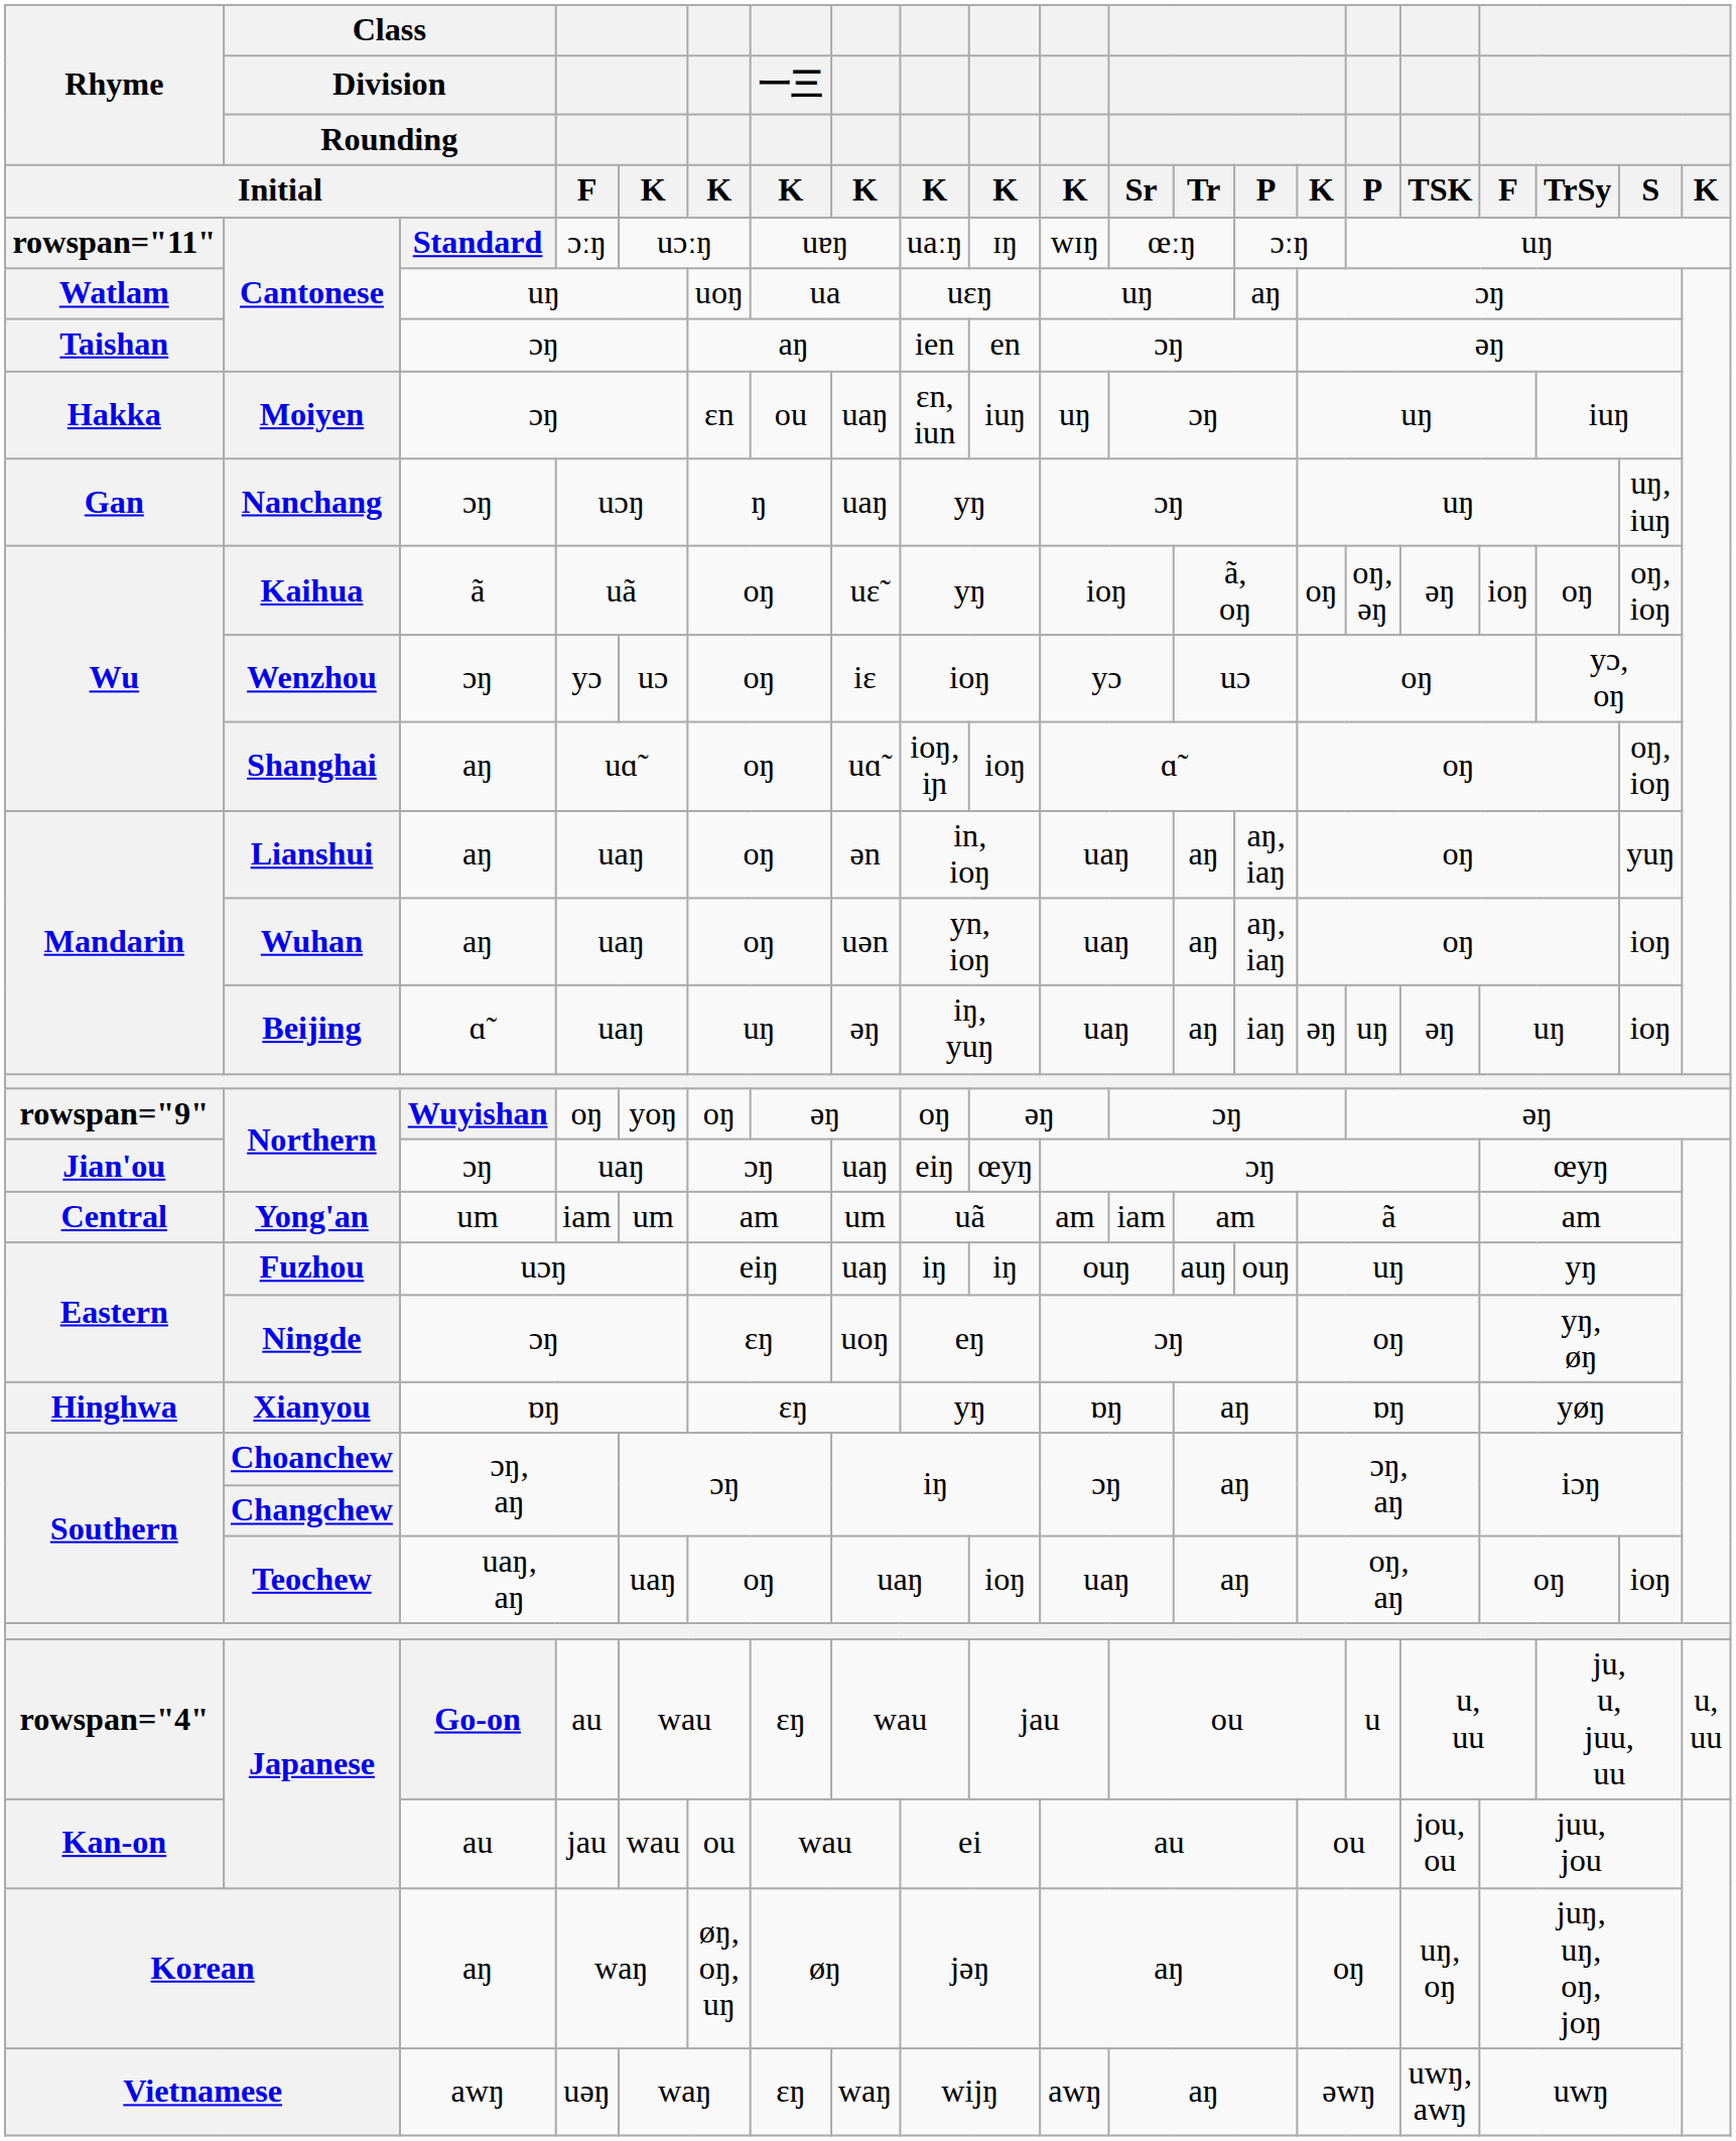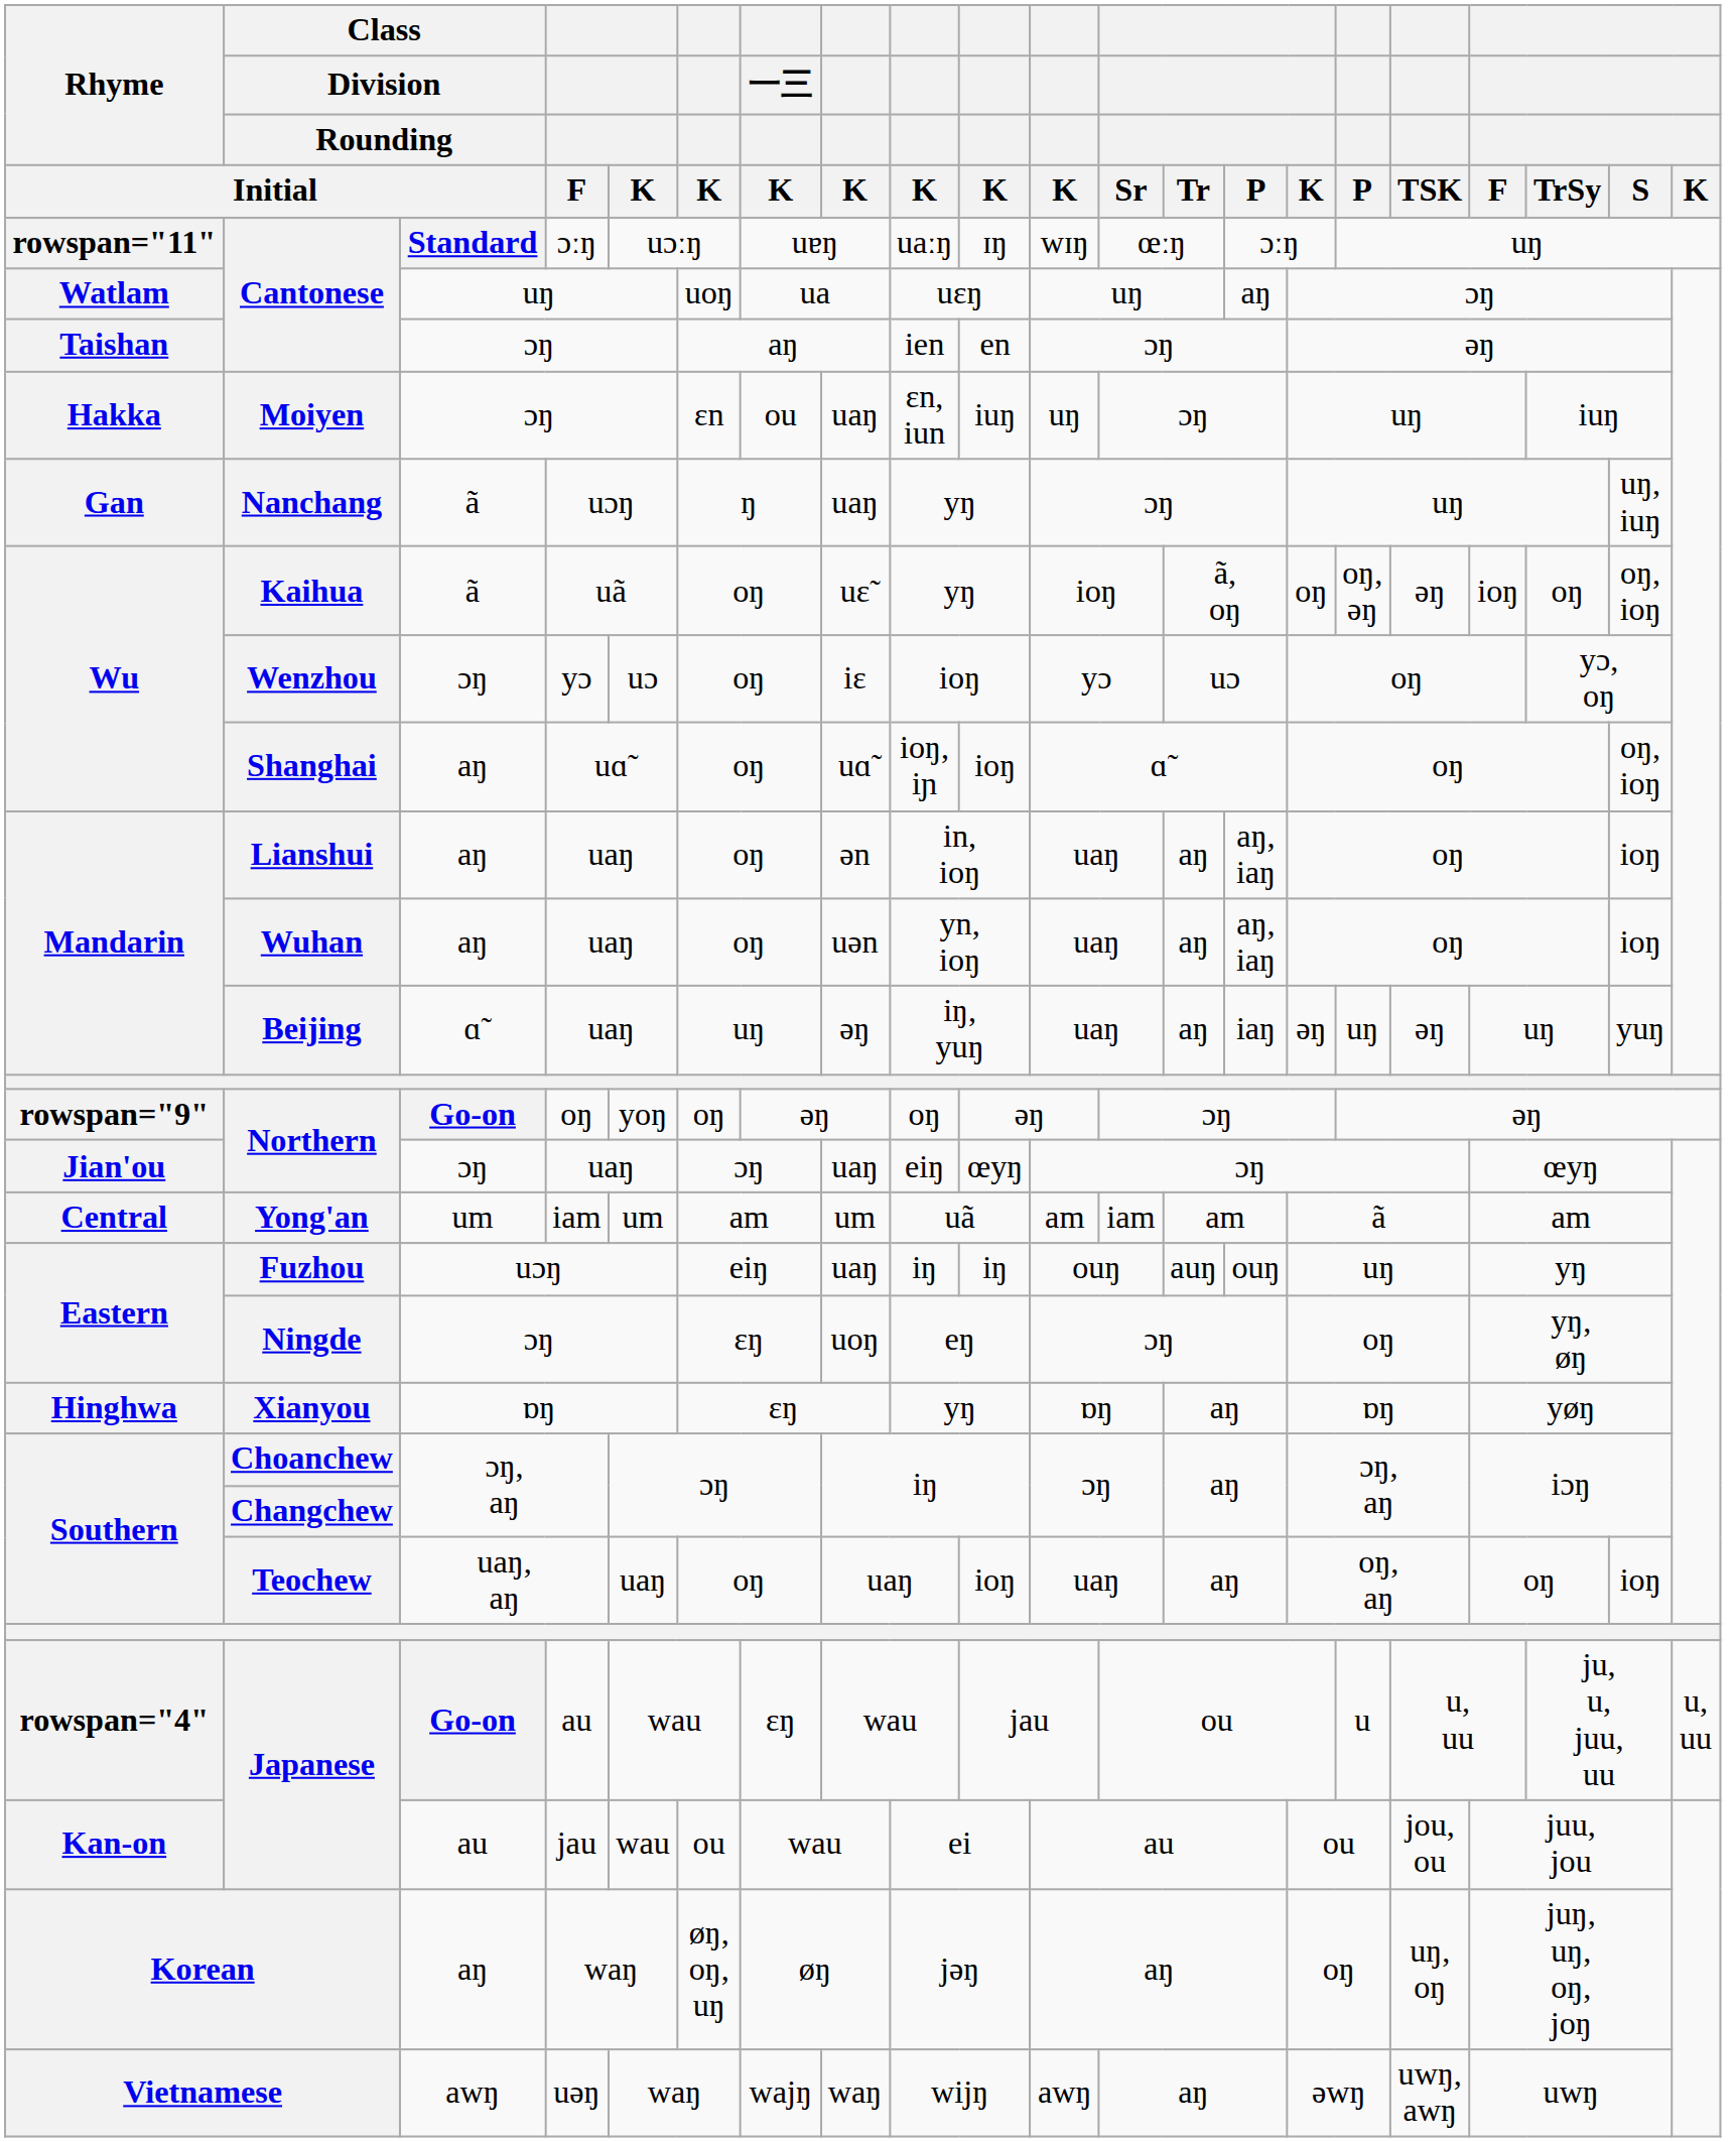 <table class="wikitable" style="text-align: center;">
 <tr>
 <th rowspan="3">Rhyme</th>
 <th colspan="2">Class</th>
 <th colspan="2"></th>
 <th></th>
 <th></th>
 <th></th>
 <th></th>
 <th></th>
 <th></th>
 <th colspan="4"></th>
 <th></th>
 <th></th>
 <th colspan="4"></th>
 </tr>
 <tr>
 <th colspan="2">Division</th>
 <th colspan="2"></th>
 <th></th>
 <th>一三</th>
 <th></th>
 <th></th>
 <th></th>
 <th></th>
 <th colspan="4"></th>
 <th></th>
 <th></th>
 <th colspan="4"></th>
 </tr>
 <tr>
 <th colspan="2">Rounding</th>
 <th colspan="2"></th>
 <th></th>
 <th></th>
 <th></th>
 <th></th>
 <th></th>
 <th></th>
 <th colspan="4"></th>
 <th></th>
 <th></th>
 <th colspan="4"></th>
 </tr>
 <tr>
 <th colspan="3">Initial</th>
 <th>F</th>
 <th>K</th>
 <th>K</th>
 <th>K</th>
 <th>K</th>
 <th>K</th>
 <th>K</th>
 <th>K</th>
 <th>Sr</th>
 <th>Tr</th>
 <th>P</th>
 <th>K</th>
 <th>P</th>
 <th>TSK</th>
 <th>F</th>
 <th>TrSy</th>
 <th>S</th>
 <th>K</th>
 </tr>
 <tr>
 <th>rowspan="11" </th>
 <th rowspan="3"><a href='#'>Cantonese</a></th>
 <th><a href='#'>Standard</a></th>
 <td>ɔːŋ</td>
 <td colspan="2">uɔːŋ</td>
 <td colspan="2">uɐŋ</td>
 <td>uaːŋ</td>
 <td>ɪŋ</td>
 <td>wɪŋ</td>
 <td colspan="2">œːŋ</td>
 <td colspan="2">ɔːŋ</td>
 <td colspan="6">uŋ</td>
 </tr>
 <tr>
 <th><a href='#'>Watlam</a></th>
 <td colspan="3">uŋ</td>
 <td>uoŋ</td>
 <td colspan="2">ua</td>
 <td colspan="2">uɛŋ</td>
 <td colspan="3">uŋ</td>
 <td>aŋ</td>
 <td colspan="6">ɔŋ</td>
 </tr>
 <tr>
 <th><a href='#'>Taishan</a></th>
 <td colspan="3">ɔŋ</td>
 <td colspan="3">aŋ</td>
 <td>ien</td>
 <td>en</td>
 <td colspan="4">ɔŋ</td>
 <td colspan="6">əŋ</td>
 </tr>
 <tr>
 <th><a href='#'>Hakka</a></th>
 <th><a href='#'>Moiyen</a></th>
 <td colspan="3">ɔŋ</td>
 <td>ɛn</td>
 <td>ou</td>
 <td>uaŋ</td>
 <td>ɛn,<br>iun</td>
 <td>iuŋ</td>
 <td>uŋ</td>
 <td colspan="3">ɔŋ</td>
 <td colspan="4">uŋ</td>
 <td colspan="2">iuŋ</td>
 </tr>
 <tr>
 <th><a href='#'>Gan</a></th>
 <th><a href='#'>Nanchang</a></th>
-<td>ɔŋ</td>
+<td>ã</td>
 <td colspan="2">uɔŋ</td>
 <td colspan="2">ŋ</td>
 <td>uaŋ</td>
 <td colspan="2">yŋ</td>
 <td colspan="4">ɔŋ</td>
 <td colspan="5">uŋ</td>
 <td>uŋ,<br>iuŋ</td>
 </tr>
 <tr>
 <th rowspan="3"><a href='#'>Wu</a></th>
 <th><a href='#'>Kaihua</a></th>
 <td>ã</td>
 <td colspan="2">uã</td>
 <td colspan="2">oŋ</td>
 <td>uɛ̃</td>
 <td colspan="2">yŋ</td>
 <td colspan="2">ioŋ</td>
 <td colspan="2">ã,<br>oŋ</td>
 <td>oŋ</td>
 <td>oŋ,<br>əŋ</td>
 <td>əŋ</td>
 <td>ioŋ</td>
 <td>oŋ</td>
 <td>oŋ,<br>ioŋ</td>
 </tr>
 <tr>
 <th><a href='#'>Wenzhou</a></th>
 <td>ɔŋ</td>
 <td>yɔ</td>
 <td>uɔ</td>
 <td colspan="2">oŋ</td>
 <td>iɛ</td>
 <td colspan="2">ioŋ</td>
 <td colspan="2">yɔ</td>
 <td colspan="2">uɔ</td>
 <td colspan="4">oŋ</td>
 <td colspan="2">yɔ,<br>oŋ</td>
 </tr>
 <tr>
 <th><a href='#'>Shanghai</a></th>
 <td>aŋ</td>
 <td colspan="2">uɑ̃</td>
 <td colspan="2">oŋ</td>
 <td>uɑ̃</td>
 <td>ioŋ,<br>iɲ</td>
 <td>ioŋ</td>
 <td colspan="4">ɑ̃</td>
 <td colspan="5">oŋ</td>
 <td>oŋ,<br>ioŋ</td>
 </tr>
 <tr>
 <th rowspan="3"><a href='#'>Mandarin</a></th>
 <th><a href='#'>Lianshui</a></th>
 <td>aŋ</td>
 <td colspan="2">uaŋ</td>
 <td colspan="2">oŋ</td>
 <td>ən</td>
 <td colspan="2">in,<br>ioŋ</td>
 <td colspan="2">uaŋ</td>
 <td>aŋ</td>
 <td>aŋ,<br>iaŋ</td>
 <td colspan="5">oŋ</td>
-<td>yuŋ</td>
+<td>ioŋ</td>
 </tr>
 <tr>
 <th><a href='#'>Wuhan</a></th>
 <td>aŋ</td>
 <td colspan="2">uaŋ</td>
 <td colspan="2">oŋ</td>
 <td>uən</td>
 <td colspan="2">yn,<br>ioŋ</td>
 <td colspan="2">uaŋ</td>
 <td>aŋ</td>
 <td>aŋ,<br>iaŋ</td>
 <td colspan="5">oŋ</td>
 <td>ioŋ</td>
 </tr>
 <tr>
 <th><a href='#'>Beijing</a></th>
 <td>ɑ̃</td>
 <td colspan="2">uaŋ</td>
 <td colspan="2">uŋ</td>
 <td>əŋ</td>
 <td colspan="2">iŋ,<br>yuŋ</td>
 <td colspan="2">uaŋ</td>
 <td>aŋ</td>
 <td>iaŋ</td>
 <td>əŋ</td>
 <td>uŋ</td>
 <td>əŋ</td>
 <td colspan="2">uŋ</td>
-<td>ioŋ</td>
+<td>yuŋ</td>
 </tr>
 <tr>
 <th colspan="21"></th>
 </tr>
 <tr>
 <th>rowspan="9" </th>
 <th rowspan="2"><a href='#'>Northern</a></th>
-<th><a href='#'>Wuyishan</a></th>
+<th><a href='#'>Go-on</a></th>
 <td>oŋ</td>
 <td>yoŋ</td>
 <td>oŋ</td>
 <td colspan="2">əŋ</td>
 <td>oŋ</td>
 <td colspan="2">əŋ</td>
 <td colspan="4">ɔŋ</td>
 <td colspan="6">əŋ</td>
 </tr>
 <tr>
 <th><a href='#'>Jian'ou</a></th>
 <td>ɔŋ</td>
 <td colspan="2">uaŋ</td>
 <td colspan="2">ɔŋ</td>
 <td>uaŋ</td>
 <td>eiŋ</td>
 <td>œyŋ</td>
 <td colspan="7">ɔŋ</td>
 <td colspan="3">œyŋ</td>
 </tr>
 <tr>
 <th><a href='#'>Central</a></th>
 <th><a href='#'>Yong'an</a></th>
 <td>um</td>
 <td>iam</td>
 <td>um</td>
 <td colspan="2">am</td>
 <td>um</td>
 <td colspan="2">uã</td>
 <td>am</td>
 <td>iam</td>
 <td colspan="2">am</td>
 <td colspan="3">ã</td>
 <td colspan="3">am</td>
 </tr>
 <tr>
 <th rowspan="2"><a href='#'>Eastern</a></th>
 <th><a href='#'>Fuzhou</a></th>
 <td colspan="3">uɔŋ</td>
 <td colspan="2">eiŋ</td>
 <td>uaŋ</td>
 <td>iŋ</td>
 <td>iŋ</td>
 <td colspan="2">ouŋ</td>
 <td>auŋ</td>
 <td>ouŋ</td>
 <td colspan="3">uŋ</td>
 <td colspan="3">yŋ</td>
 </tr>
 <tr>
 <th><a href='#'>Ningde</a></th>
 <td colspan="3">ɔŋ</td>
 <td colspan="2">ɛŋ</td>
 <td>uoŋ</td>
 <td colspan="2">eŋ</td>
 <td colspan="4">ɔŋ</td>
 <td colspan="3">oŋ</td>
 <td colspan="3">yŋ,<br>øŋ</td>
 </tr>
 <tr>
 <th><a href='#'>Hinghwa</a></th>
 <th><a href='#'>Xianyou</a></th>
 <td colspan="3">ɒŋ</td>
 <td colspan="3">ɛŋ</td>
 <td colspan="2">yŋ</td>
 <td colspan="2">ɒŋ</td>
 <td colspan="2">aŋ</td>
 <td colspan="3">ɒŋ</td>
 <td colspan="3">yøŋ</td>
 </tr>
 <tr>
 <th rowspan="3"><a href='#'>Southern</a></th>
 <th><a href='#'>Choanchew</a></th>
 <td colspan="2" rowspan="2">ɔŋ,<br>aŋ</td>
 <td colspan="3" rowspan="2">ɔŋ</td>
 <td colspan="3" rowspan="2">iŋ</td>
 <td colspan="2" rowspan="2">ɔŋ</td>
 <td colspan="2" rowspan="2">aŋ</td>
 <td colspan="3" rowspan="2">ɔŋ,<br>aŋ</td>
 <td colspan="3" rowspan="2">iɔŋ</td>
 </tr>
 <tr>
 <th><a href='#'>Changchew</a></th>
 </tr>
 <tr>
 <th><a href='#'>Teochew</a></th>
 <td colspan="2">uaŋ,<br>aŋ</td>
 <td>uaŋ</td>
 <td colspan="2">oŋ</td>
 <td colspan="2">uaŋ</td>
 <td>ioŋ</td>
 <td colspan="2">uaŋ</td>
 <td colspan="2">aŋ</td>
 <td colspan="3">oŋ,<br>aŋ</td>
 <td colspan="2">oŋ</td>
 <td>ioŋ</td>
 </tr>
 <tr>
 <th colspan="21"></th>
 </tr>
 <tr>
 <th>rowspan="4" </th>
 <th rowspan="2"><a href='#'>Japanese</a></th>
 <th><a href='#'>Go-on</a></th>
 <td>au</td>
 <td colspan="2">wau</td>
 <td>ɛŋ</td>
 <td colspan="2">wau</td>
 <td colspan="2">jau</td>
 <td colspan="4">ou</td>
 <td>u</td>
 <td colspan="2">u,<br>uu</td>
 <td colspan="2">ju,<br>u,<br>juu,<br>uu</td>
 <td>u,<br>uu</td>
 </tr>
 <tr>
 <th><a href='#'>Kan-on</a></th>
 <td>au</td>
 <td>jau</td>
 <td>wau</td>
 <td>ou</td>
 <td colspan="2">wau</td>
 <td colspan="2">ei</td>
 <td colspan="4">au</td>
 <td colspan="2">ou</td>
 <td>jou,<br>ou</td>
 <td colspan="3">juu,<br>jou</td>
 </tr>
 <tr>
 <th colspan="2"><a href='#'>Korean</a></th>
 <td>aŋ</td>
 <td colspan="2">waŋ</td>
 <td>øŋ,<br>oŋ,<br>uŋ</td>
 <td colspan="2">øŋ</td>
 <td colspan="2">jəŋ</td>
 <td colspan="4">aŋ</td>
 <td colspan="2">oŋ</td>
 <td>uŋ,<br>oŋ</td>
 <td colspan="3">juŋ,<br>uŋ,<br>oŋ,<br>joŋ</td>
 </tr>
 <tr>
 <th colspan="2"><a href='#'>Vietnamese</a></th>
 <td>awŋ</td>
 <td>uəŋ</td>
 <td colspan="2">waŋ</td>
-<td>ɛŋ</td>
+<td>wajŋ</td>
 <td>waŋ</td>
 <td colspan="2">wijŋ</td>
 <td>awŋ</td>
 <td colspan="3">aŋ</td>
 <td colspan="2">əwŋ</td>
 <td>uwŋ,<br>awŋ</td>
 <td colspan="3">uwŋ</td>
 </tr>
 </table>
